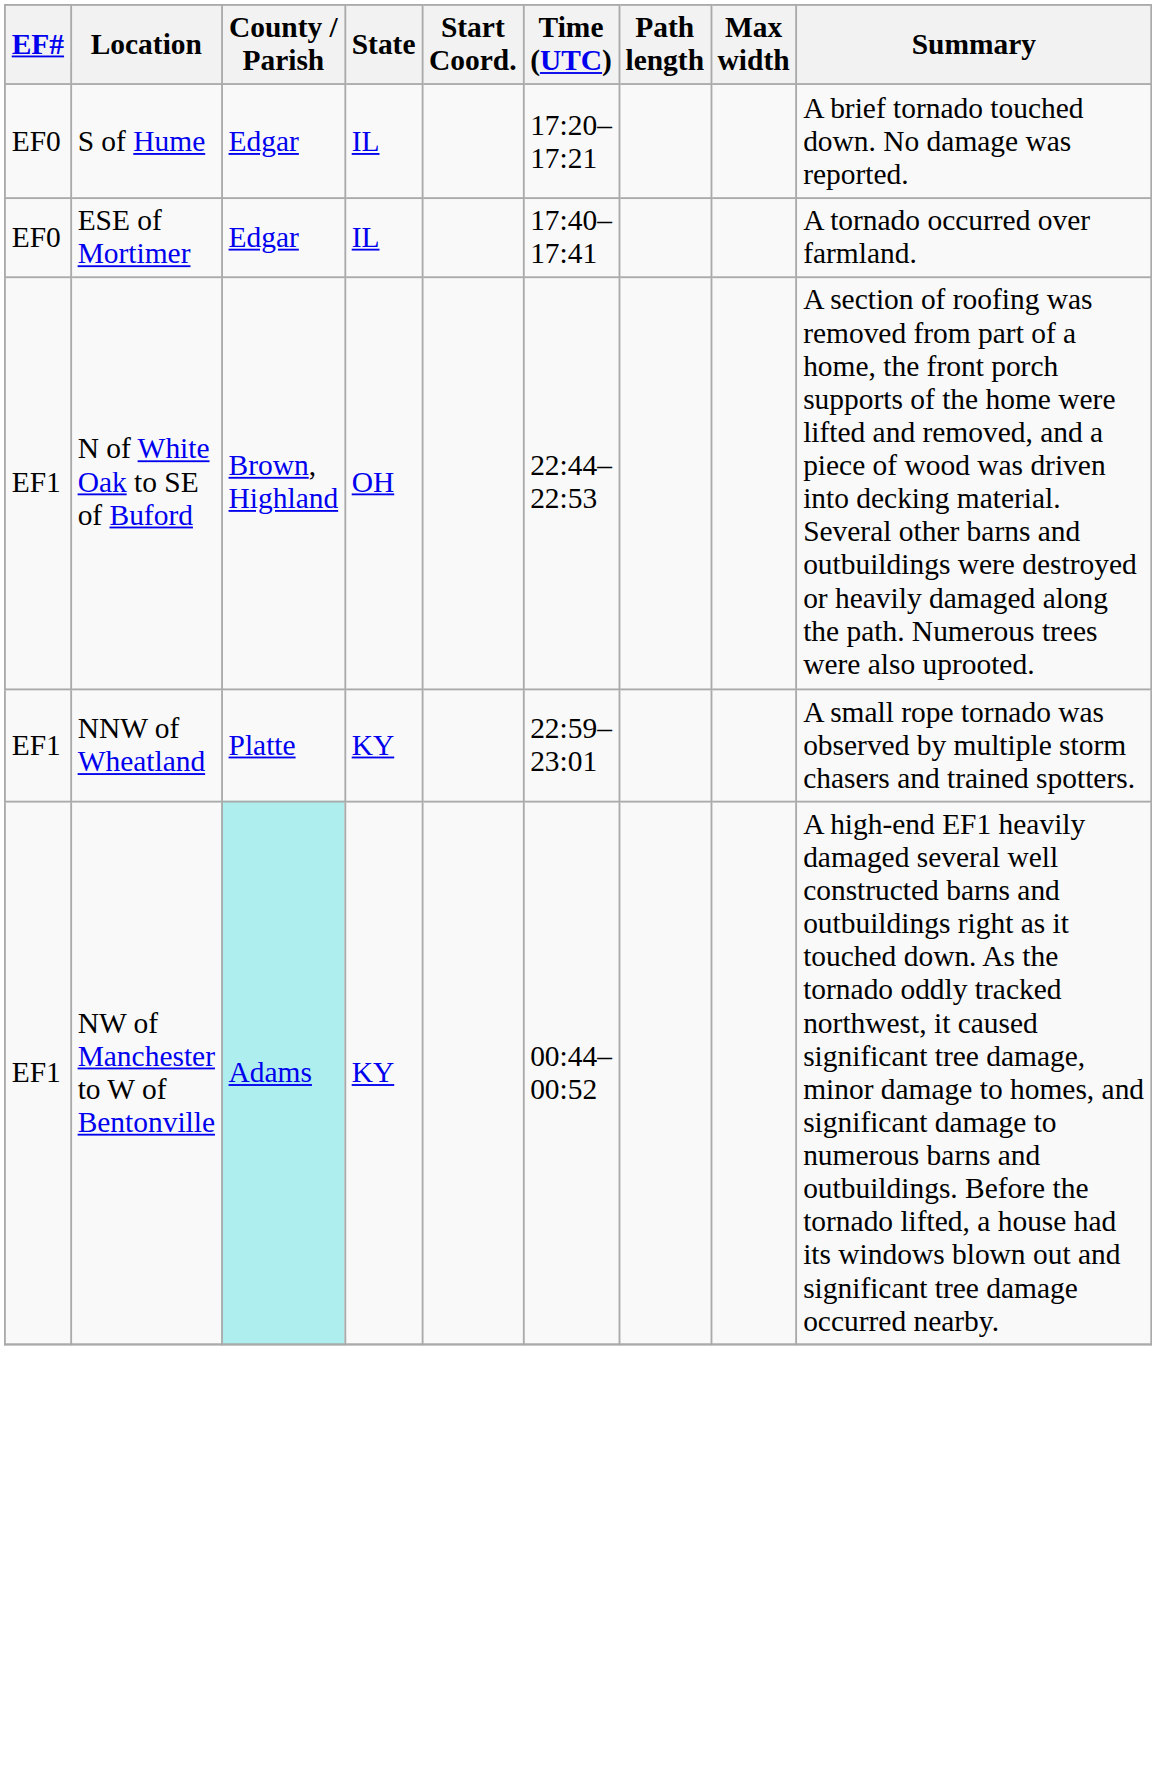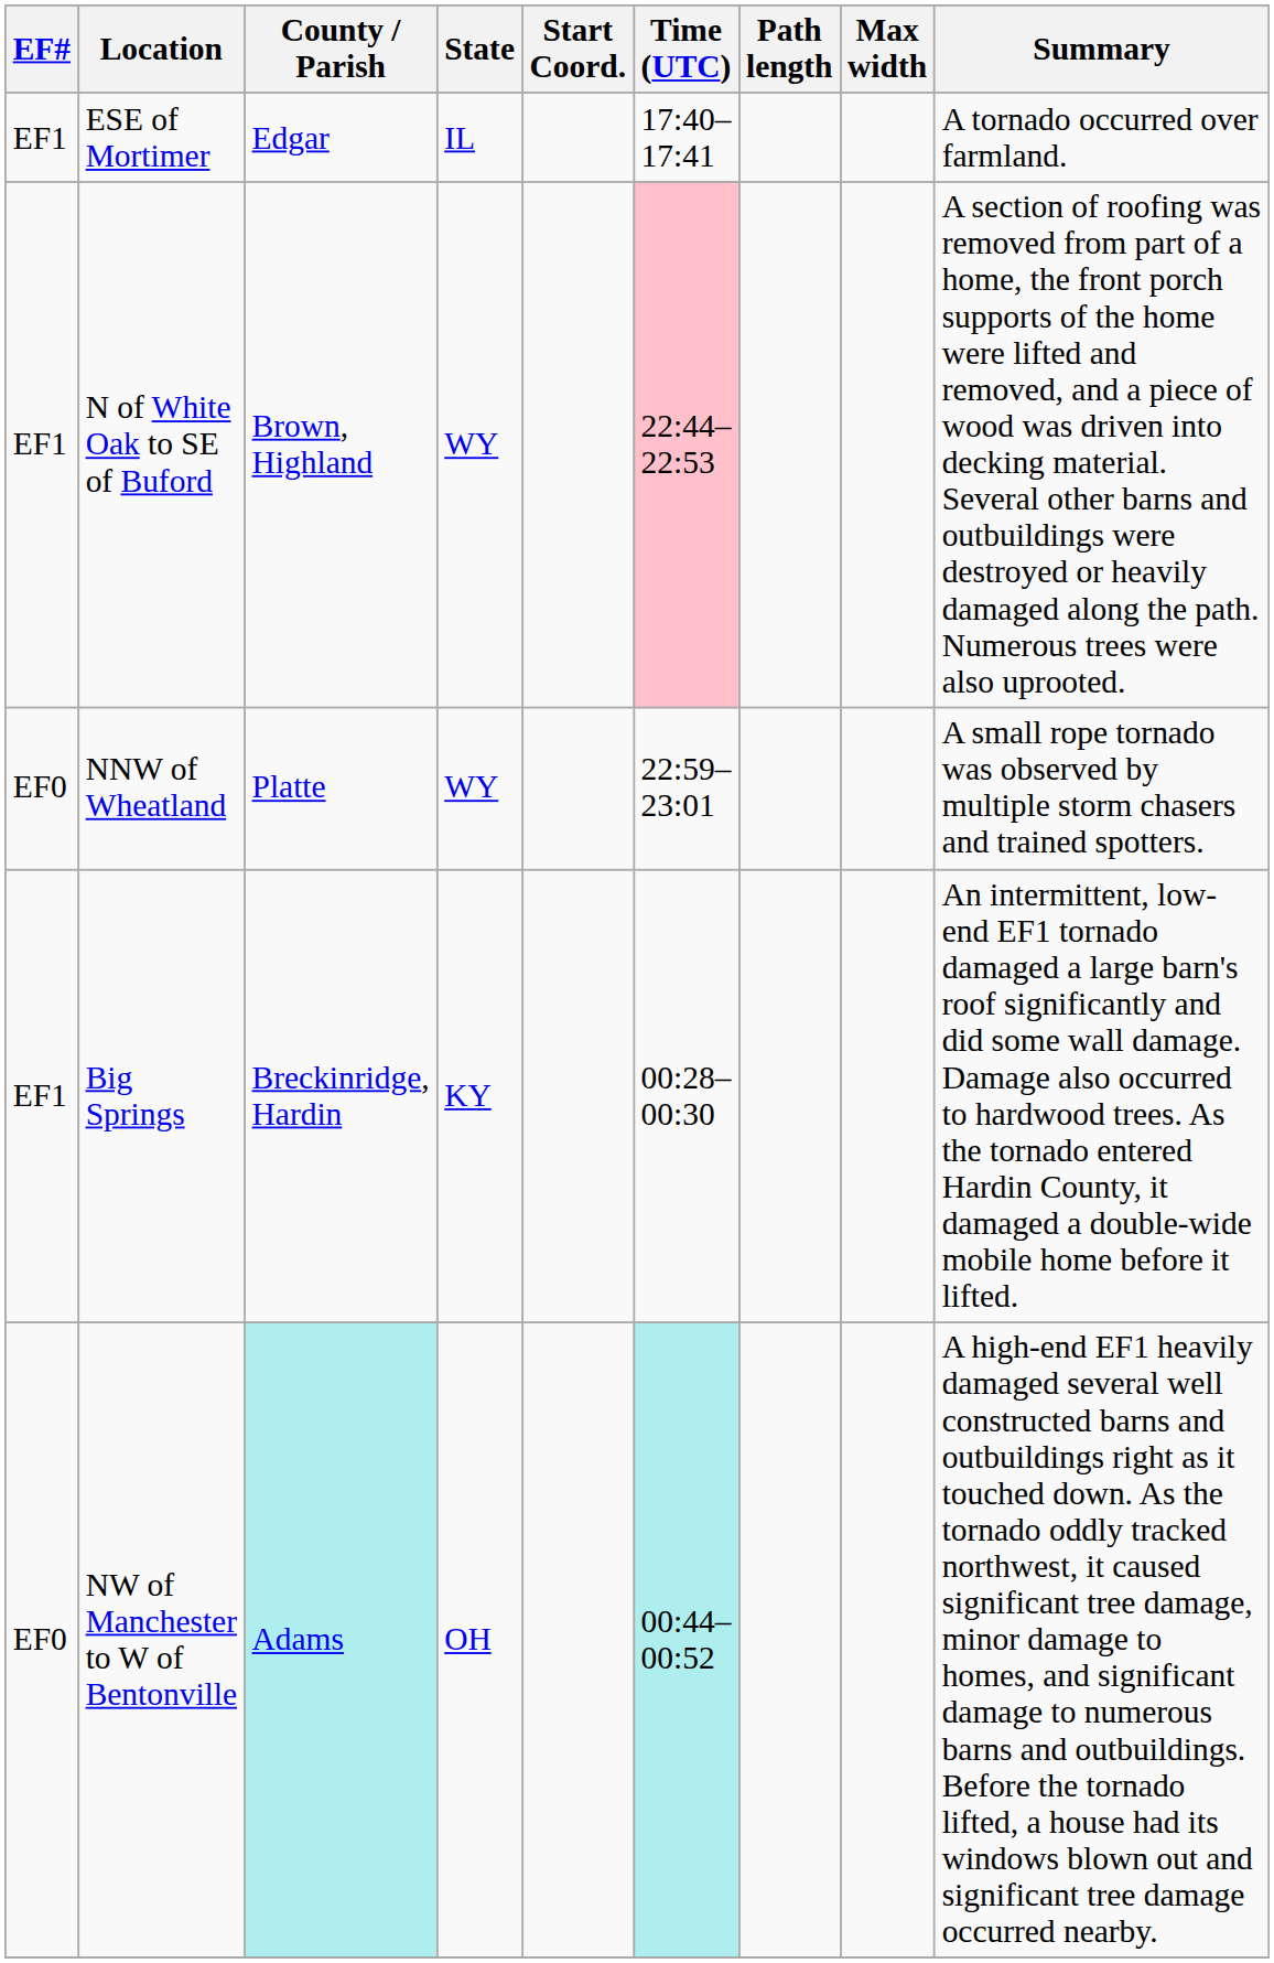 <table class="wikitable sortable" style="width:100%;">
 <tr>
 <th scope="col"  style="width:3%; text-align:center;"><a href='#'>EF#</a></th>
 <th scope="col"  style="width:7%; text-align:center;" class="unsortable">Location</th>
 <th scope="col"  style="width:6%; text-align:center;" class="unsortable">County / Parish</th>
 <th scope="col"  style="width:5%; text-align:center;">State</th>
 <th scope="col"  style="width:6%; text-align:center;">Start Coord.</th>
 <th scope="col"  style="width:6%; text-align:center;">Time (<a href='#'>UTC</a>)</th>
 <th scope="col"  style="width:6%; text-align:center;">Path length</th>
 <th scope="col"  style="width:6%; text-align:center;">Max width</th>
 <th scope="col" class="unsortable" style="width:48%; text-align:center;">Summary</th>
 </tr>
 <tr>
-<td>EF0</td>
-<td>S of <a href='#'>Hume</a></td>
-<td><a href='#'>Edgar</a></td>
-<td><a href='#'>IL</a></td>
-<td></td>
-<td>17:20–17:21</td>
-<td></td>
-<td></td>
-<td>A brief tornado touched down. No damage was reported.</td>
-</tr>
-<tr>
-<td>EF0</td>
+<td>EF1</td>
 <td>ESE of <a href='#'>Mortimer</a></td>
 <td><a href='#'>Edgar</a></td>
 <td><a href='#'>IL</a></td>
 <td></td>
 <td>17:40–17:41</td>
 <td></td>
 <td></td>
 <td>A tornado occurred over farmland.</td>
 </tr>
 <tr>
 <td>EF1</td>
 <td>N of <a href='#'>White Oak</a> to SE of <a href='#'>Buford</a></td>
 <td><a href='#'>Brown</a>, <a href='#'>Highland</a></td>
-<td><a href='#'>OH</a></td>
+<td><a href='#'>WY</a></td>
 <td></td>
-<td>22:44–22:53</td>
+<td style="background: pink;">22:44–22:53</td>
 <td></td>
 <td></td>
 <td>A section of roofing was removed from part of a home, the front porch supports of the home were lifted and removed, and a piece of wood was driven into decking material. Several other barns and outbuildings were destroyed or heavily damaged along the path. Numerous trees were also uprooted.</td>
 </tr>
 <tr>
-<td>EF1</td>
+<td>EF0</td>
 <td>NNW of <a href='#'>Wheatland</a></td>
 <td><a href='#'>Platte</a></td>
-<td><a href='#'>KY</a></td>
+<td><a href='#'>WY</a></td>
 <td></td>
 <td>22:59–23:01</td>
 <td></td>
 <td></td>
 <td>A small rope tornado was observed by multiple storm chasers and trained spotters.</td>
 </tr>
 <tr>
 <td>EF1</td>
+<td><a href='#'>Big Springs</a></td>
+<td><a href='#'>Breckinridge</a>, <a href='#'>Hardin</a></td>
+<td><a href='#'>KY</a></td>
+<td></td>
+<td>00:28–00:30</td>
+<td></td>
+<td></td>
+<td>An intermittent, low-end EF1 tornado damaged a large barn's roof significantly and did some wall damage. Damage also occurred to hardwood trees. As the tornado entered Hardin County, it damaged a double-wide mobile home before it lifted.</td>
+</tr>
+<tr>
+<td>EF0</td>
 <td>NW of <a href='#'>Manchester</a> to W of <a href='#'>Bentonville</a></td>
 <td style="background: paleturquoise;"><a href='#'>Adams</a></td>
-<td><a href='#'>KY</a></td>
+<td><a href='#'>OH</a></td>
 <td></td>
-<td>00:44–00:52</td>
+<td style="background: paleturquoise;">00:44–00:52</td>
 <td></td>
 <td></td>
 <td>A high-end EF1 heavily damaged several well constructed barns and outbuildings right as it touched down. As the tornado oddly tracked northwest, it caused significant tree damage, minor damage to homes, and significant damage to numerous barns and outbuildings. Before the tornado lifted, a house had its windows blown out and significant tree damage occurred nearby.</td>
 </tr>
 <tr>
 </tr>
 </table>
